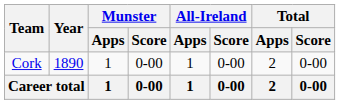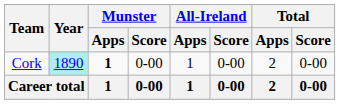 <table class="wikitable" style="text-align:center">
 <tr>
 <th rowspan="2">Team</th>
 <th rowspan="2">Year</th>
 <th colspan="2"><a href='#'>Munster</a></th>
 <th colspan="2"><a href='#'>All-Ireland</a></th>
 <th colspan="2">Total</th>
 </tr>
 <tr>
 <th>Apps</th>
 <th>Score</th>
 <th>Apps</th>
 <th>Score</th>
 <th>Apps</th>
 <th>Score</th>
 </tr>
 <tr>
 <td rowspan="1"><a href='#'>Cork</a></td>
-<td><a href='#'>1890</a></td>
-<td>1</td>
+<td style="background: paleturquoise;"><a href='#'>1890</a></td>
+<td><strong>1</strong></td>
 <td>0-00</td>
 <td>1</td>
 <td>0-00</td>
 <td>2</td>
 <td>0-00</td>
 </tr>
 <tr>
 <th colspan="2">Career total</th>
 <th>1</th>
 <th>0-00</th>
 <th>1</th>
 <th>0-00</th>
 <th>2</th>
 <th>0-00</th>
 </tr>
 </table>
